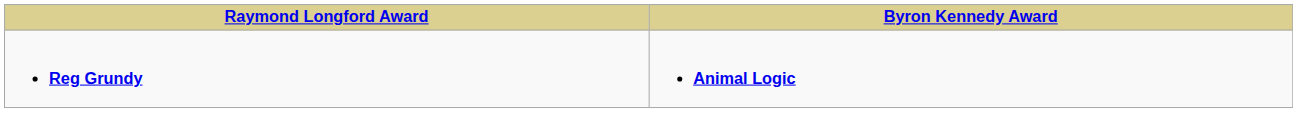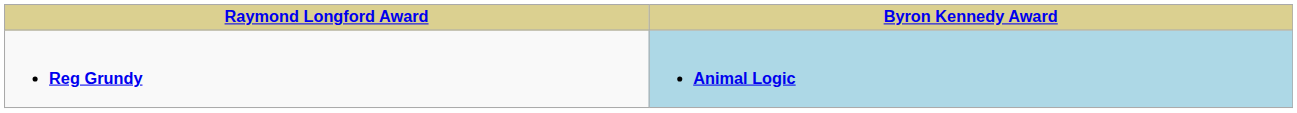 <table class="wikitable" style="width:100%">
 <tr>
 <th style="background:#dbd090; width:50%"><a href='#'>Raymond Longford Award</a></th>
 <th style="background:#dbd090; width:50%"><a href='#'>Byron Kennedy Award</a></th>
 </tr>
 <tr>
 <td valign="top"><br><ul><li><strong><a href='#'>Reg Grundy</a></strong></li></ul></td>
-<td valign="top"><br><ul><li><strong><a href='#'>Animal Logic</a></strong></li></ul></td>
+<td valign="top" style="background: lightblue;"><br><ul><li><strong><a href='#'>Animal Logic</a></strong></li></ul></td>
 </tr>
 </table>
